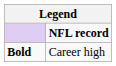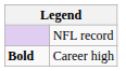 <table class="wikitable">
 <tr>
 <th colspan="2">Legend</th>
 </tr>
 <tr>
 <td style="background:#e0cef2; width:3em;"></td>
-<td><strong>NFL record</strong></td>
+<td>NFL record</td>
 </tr>
 <tr>
 <td><strong>Bold</strong></td>
 <td>Career high</td>
 </tr>
 </table>
